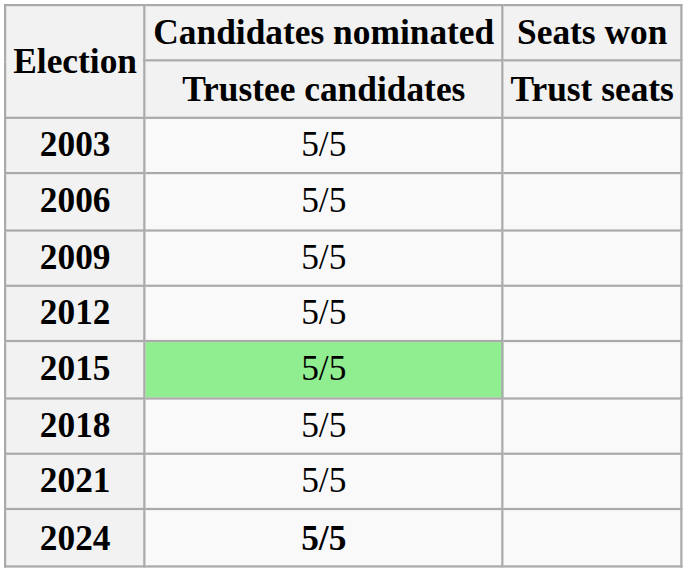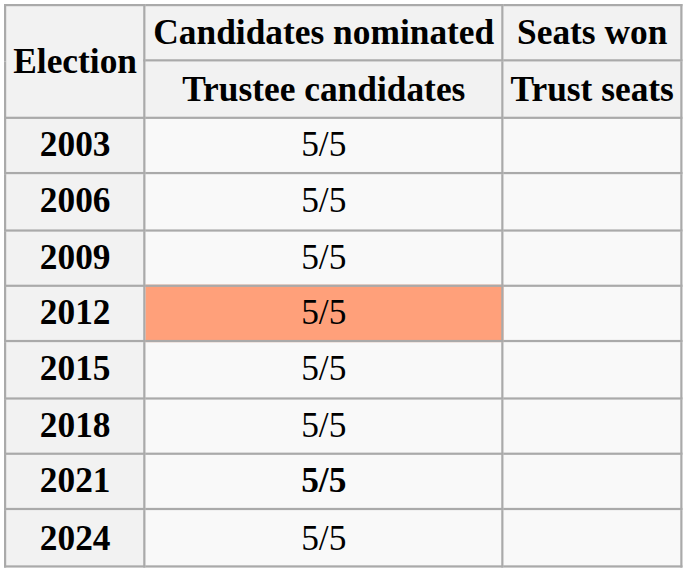 <table class=wikitable>
 <tr>
 <th rowspan=2>Election</th>
 <th colspan=1>Candidates nominated</th>
 <th colspan=4>Seats won</th>
 </tr>
 <tr style="text-align:center;">
 <th>Trustee candidates</th>
 <th>Trust seats</th>
 </tr>
 <tr style="text-align:center;">
 <th>2003</th>
 <td>5/5</td>
 <td></td>
 </tr>
 <tr style="text-align:center;">
 <th>2006</th>
 <td>5/5</td>
 <td></td>
 </tr>
 <tr style="text-align:center;">
 <th>2009</th>
 <td>5/5</td>
 <td></td>
 </tr>
 <tr style="text-align:center;">
 <th>2012</th>
-<td>5/5</td>
+<td style="background: lightsalmon;">5/5</td>
 <td></td>
 </tr>
 <tr style="text-align:center;">
 <th>2015</th>
-<td style="background: lightgreen;">5/5</td>
+<td>5/5</td>
 <td></td>
 </tr>
 <tr style="text-align:center;">
 <th>2018</th>
 <td>5/5</td>
 <td></td>
 </tr>
 <tr style="text-align:center;">
 <th>2021</th>
-<td>5/5</td>
+<td><strong>5/5</strong></td>
 <td></td>
 </tr>
 <tr style="text-align:center;">
 <th>2024</th>
-<td><strong>5/5</strong></td>
+<td>5/5</td>
 <td></td>
 </tr>
 </table>
